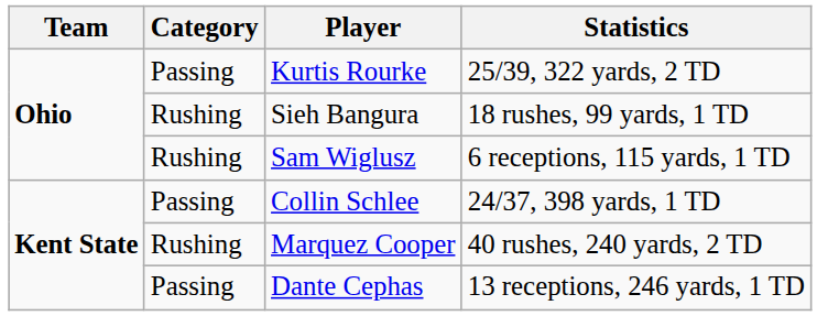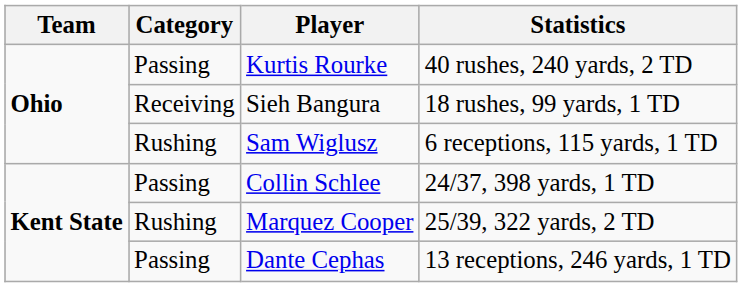 <table class="wikitable" style="float: right;">
 <tr>
 <th>Team</th>
 <th>Category</th>
 <th>Player</th>
 <th>Statistics</th>
 </tr>
 <tr>
 <td rowspan=3><strong>Ohio</strong></td>
 <td>Passing</td>
 <td><a href='#'>Kurtis Rourke</a></td>
-<td>25/39, 322 yards, 2 TD</td>
+<td>40 rushes, 240 yards, 2 TD</td>
 </tr>
 <tr>
-<td>Rushing</td>
+<td>Receiving</td>
 <td>Sieh Bangura</td>
 <td>18 rushes, 99 yards, 1 TD</td>
 </tr>
 <tr>
 <td>Rushing</td>
 <td><a href='#'>Sam Wiglusz</a></td>
 <td>6 receptions, 115 yards, 1 TD</td>
 </tr>
 <tr>
 <td rowspan=3><strong>Kent State</strong></td>
 <td>Passing</td>
 <td><a href='#'>Collin Schlee</a></td>
 <td>24/37, 398 yards, 1 TD</td>
 </tr>
 <tr>
 <td>Rushing</td>
 <td><a href='#'>Marquez Cooper</a></td>
-<td>40 rushes, 240 yards, 2 TD</td>
+<td>25/39, 322 yards, 2 TD</td>
 </tr>
 <tr>
 <td>Passing</td>
 <td><a href='#'>Dante Cephas</a></td>
 <td>13 receptions, 246 yards, 1 TD</td>
 </tr>
 </table>
